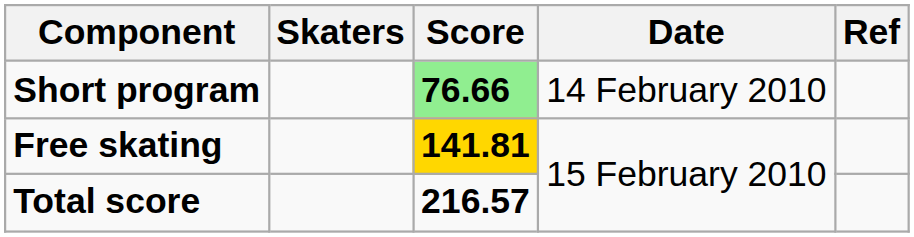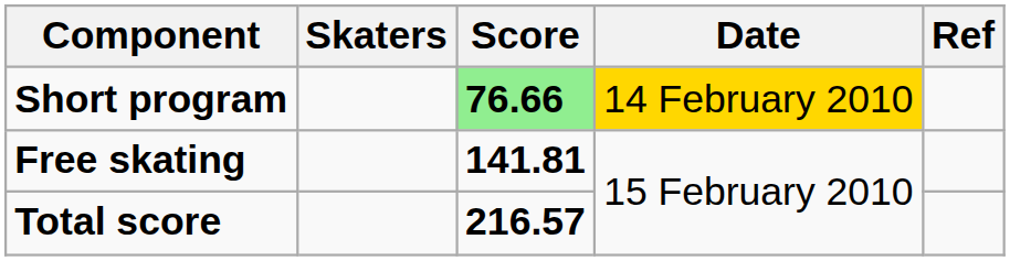 <table class=wikitable>
 <tr>
 <th>Component</th>
 <th>Skaters</th>
 <th>Score</th>
 <th>Date</th>
 <th>Ref</th>
 </tr>
 <tr>
 <td><strong>Short program</strong></td>
 <td></td>
 <td style="background: lightgreen;"><strong>76.66</strong></td>
-<td>14 February 2010</td>
+<td style="background: gold;">14 February 2010</td>
 <td></td>
 </tr>
 <tr>
 <td><strong>Free skating</strong></td>
 <td></td>
-<td style="background: gold;"><strong>141.81</strong></td>
+<td><strong>141.81</strong></td>
 <td rowspan=2>15 February 2010</td>
 <td></td>
 </tr>
 <tr>
 <td><strong>Total score</strong></td>
 <td></td>
 <td><strong>216.57</strong></td>
 <td></td>
 </tr>
 </table>
